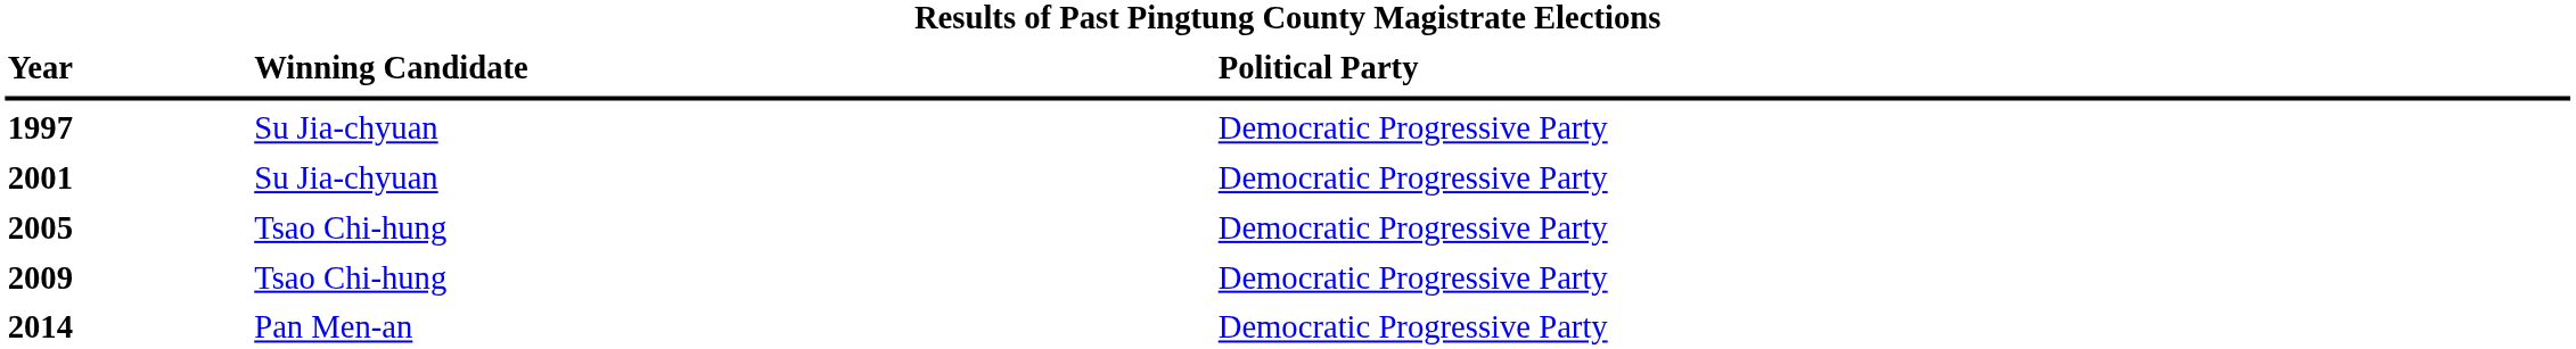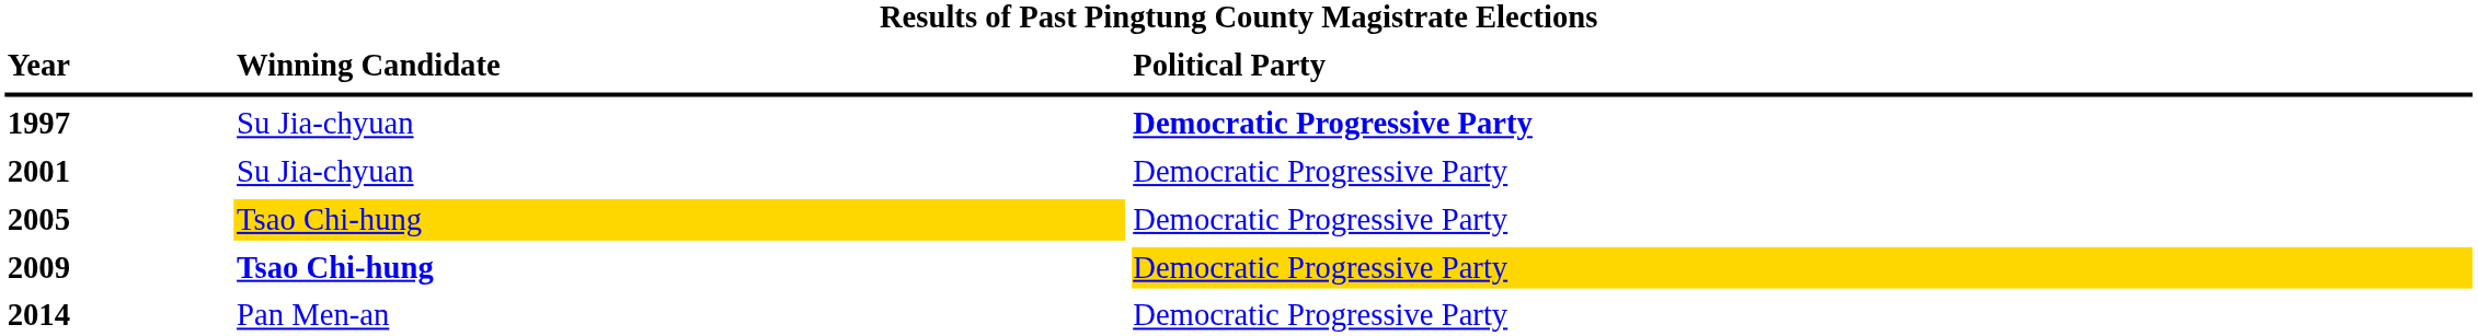 <table id="toc" style="margin:1em auto; width: 90%; font-size: 90%;" cellspacing="3">
 <tr>
 <td colspan="3" align="center"><strong>Results of Past Pingtung County Magistrate Elections</strong></td>
 </tr>
 <tr>
 <td><strong>Year</strong></td>
 <td><strong> Winning Candidate</strong></td>
 <td><strong>Political Party</strong></td>
 </tr>
 <tr>
 <th bgcolor="#000000" colspan="5"></th>
 </tr>
 <tr>
 <td><strong>1997</strong></td>
 <td><a href='#'>Su Jia-chyuan</a></td>
-<td> <a href='#'>Democratic Progressive Party</a></td>
+<td><strong> <a href='#'>Democratic Progressive Party</a></strong></td>
 </tr>
 <tr>
 <td><strong>2001</strong></td>
 <td><a href='#'>Su Jia-chyuan</a></td>
 <td> <a href='#'>Democratic Progressive Party</a></td>
 </tr>
 <tr>
 <td><strong>2005</strong></td>
-<td><a href='#'>Tsao Chi-hung</a></td>
+<td style="background: gold;"><a href='#'>Tsao Chi-hung</a></td>
 <td> <a href='#'>Democratic Progressive Party</a></td>
 </tr>
 <tr>
 <td><strong>2009</strong></td>
-<td><a href='#'>Tsao Chi-hung</a></td>
-<td> <a href='#'>Democratic Progressive Party</a></td>
+<td><strong><a href='#'>Tsao Chi-hung</a></strong></td>
+<td style="background: gold;"> <a href='#'>Democratic Progressive Party</a></td>
 </tr>
 <tr>
 <td><strong>2014</strong></td>
 <td><a href='#'>Pan Men-an</a></td>
 <td> <a href='#'>Democratic Progressive Party</a></td>
 </tr>
 </table>
